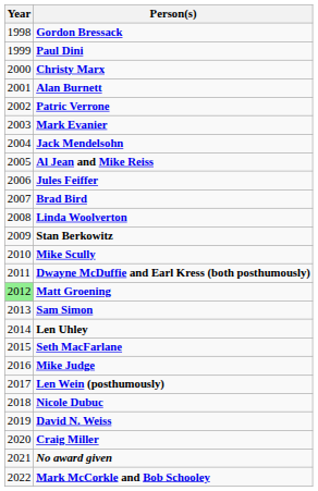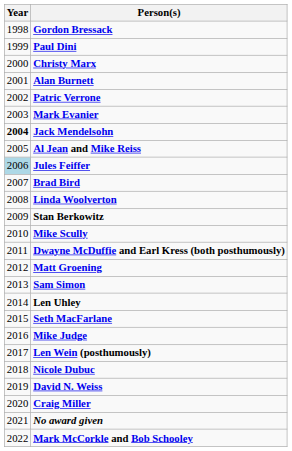 <table class="wikitable">
 <tr>
 <th>Year</th>
 <th>Person(s)</th>
 </tr>
 <tr>
 <td>1998</td>
 <td><strong><a href='#'>Gordon Bressack</a></strong></td>
 </tr>
 <tr>
 <td>1999</td>
 <td><strong><a href='#'>Paul Dini</a></strong></td>
 </tr>
 <tr>
 <td>2000</td>
 <td><strong><a href='#'>Christy Marx</a></strong></td>
 </tr>
 <tr>
 <td>2001</td>
 <td><strong><a href='#'>Alan Burnett</a></strong></td>
 </tr>
 <tr>
 <td>2002</td>
 <td><strong><a href='#'>Patric Verrone</a></strong></td>
 </tr>
 <tr>
 <td>2003</td>
 <td><strong><a href='#'>Mark Evanier</a></strong></td>
 </tr>
 <tr>
-<td>2004</td>
+<td><strong>2004</strong></td>
 <td><strong><a href='#'>Jack Mendelsohn</a></strong></td>
 </tr>
 <tr>
 <td>2005</td>
 <td><strong><a href='#'>Al Jean</a> and <a href='#'>Mike Reiss</a></strong></td>
 </tr>
 <tr>
-<td>2006</td>
+<td style="background: lightblue;">2006</td>
 <td><strong><a href='#'>Jules Feiffer</a></strong></td>
 </tr>
 <tr>
 <td>2007</td>
 <td><strong><a href='#'>Brad Bird</a></strong></td>
 </tr>
 <tr>
 <td>2008</td>
 <td><strong><a href='#'>Linda Woolverton</a></strong></td>
 </tr>
 <tr>
 <td>2009</td>
 <td><strong>Stan Berkowitz</strong></td>
 </tr>
 <tr>
 <td>2010</td>
 <td><strong><a href='#'>Mike Scully</a></strong></td>
 </tr>
 <tr>
 <td>2011</td>
 <td><strong><a href='#'>Dwayne McDuffie</a> and Earl Kress (both posthumously)</strong></td>
 </tr>
 <tr>
-<td style="background: lightgreen;">2012</td>
+<td>2012</td>
 <td><strong><a href='#'>Matt Groening</a></strong></td>
 </tr>
 <tr>
 <td>2013</td>
 <td><strong><a href='#'>Sam Simon</a></strong></td>
 </tr>
 <tr>
 <td>2014</td>
 <td><strong>Len Uhley</strong></td>
 </tr>
 <tr>
 <td>2015</td>
 <td><strong><a href='#'>Seth MacFarlane</a></strong></td>
 </tr>
 <tr>
 <td>2016</td>
 <td><strong><a href='#'>Mike Judge</a></strong></td>
 </tr>
 <tr>
 <td>2017</td>
 <td><strong><a href='#'>Len Wein</a> (posthumously)</strong></td>
 </tr>
 <tr>
 <td>2018</td>
 <td><strong><a href='#'>Nicole Dubuc</a></strong></td>
 </tr>
 <tr>
 <td>2019</td>
 <td><strong><a href='#'>David N. Weiss</a></strong></td>
 </tr>
 <tr>
 <td>2020</td>
 <td><strong><a href='#'>Craig Miller</a></strong></td>
 </tr>
 <tr>
 <td>2021</td>
 <td><strong><em>No award given</em></strong></td>
 </tr>
 <tr>
 <td>2022</td>
 <td><strong><a href='#'>Mark McCorkle</a> and <a href='#'>Bob Schooley</a></strong></td>
 </tr>
 </table>
